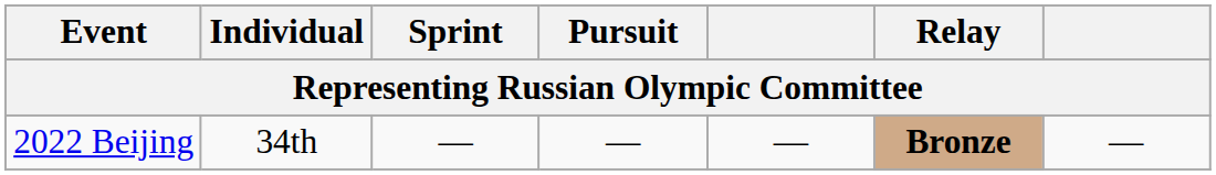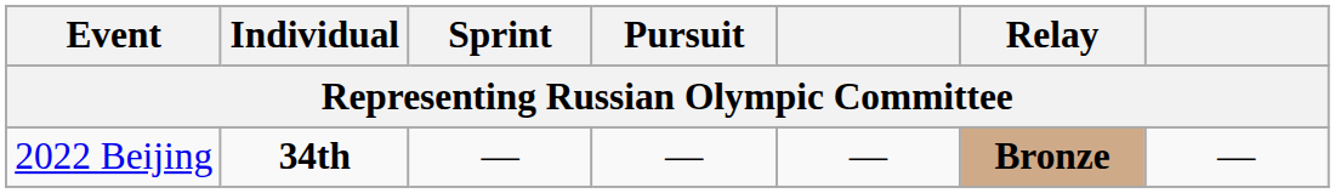 <table class="wikitable" style="text-align: center;">
 <tr>
 <th>Event</th>
 <th style="width:70px;">Individual</th>
 <th style="width:70px;">Sprint</th>
 <th style="width:70px;">Pursuit</th>
 <th style="width:70px;"></th>
 <th style="width:70px;">Relay</th>
 <th style="width:70px;"></th>
 </tr>
 <tr>
 <th colspan=7>Representing  Russian Olympic Committee</th>
 </tr>
 <tr>
 <td align=left> <a href='#'>2022 Beijing</a></td>
-<td>34th</td>
+<td><strong>34th</strong></td>
 <td>―</td>
 <td>―</td>
 <td>―</td>
 <td style="background:#cfaa88;"><strong>Bronze</strong></td>
 <td>―</td>
 </tr>
 </table>
